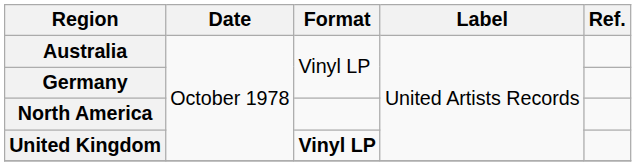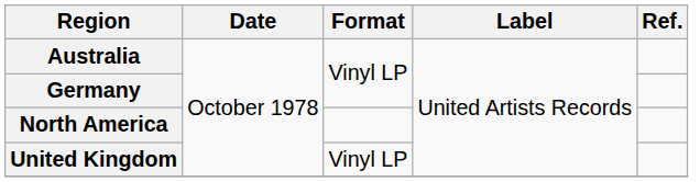 <table class="wikitable plainrowheaders">
 <tr>
 <th scope="col">Region</th>
 <th scope="col">Date</th>
 <th scope="col">Format</th>
 <th scope="col">Label</th>
 <th scope="col">Ref.</th>
 </tr>
 <tr>
 <th scope="row">Australia</th>
 <td rowspan="4">October 1978</td>
 <td rowspan="2">Vinyl LP</td>
 <td rowspan="4">United Artists Records</td>
 <td></td>
 </tr>
 <tr>
 <th scope="row">Germany</th>
 <td></td>
 </tr>
 <tr>
 <th scope="row">North America</th>
 <td></td>
 <td></td>
 </tr>
 <tr>
 <th scope="row">United Kingdom</th>
-<td><strong>Vinyl LP</strong></td>
+<td>Vinyl LP</td>
 <td></td>
 </tr>
 <tr>
 </tr>
 </table>
